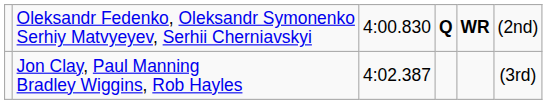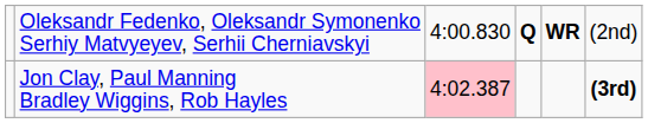 <table class="wikitable" style="text-align:center;">
 <tr>
 <td align=left></td>
 <td align=left><a href='#'>Oleksandr Fedenko</a>, <a href='#'>Oleksandr Symonenko</a><br><a href='#'>Serhiy Matvyeyev</a>, <a href='#'>Serhii Cherniavskyi</a></td>
 <td>4:00.830</td>
 <td><strong>Q</strong></td>
 <td><strong>WR</strong></td>
 <td>(2nd)</td>
 </tr>
 <tr>
 <td align=left></td>
 <td align=left><a href='#'>Jon Clay</a>, <a href='#'>Paul Manning</a><br><a href='#'>Bradley Wiggins</a>, <a href='#'>Rob Hayles</a></td>
-<td>4:02.387</td>
+<td style="background: pink;">4:02.387</td>
 <td></td>
 <td></td>
-<td>(3rd)</td>
+<td><strong>(3rd)</strong></td>
 </tr>
 </table>
